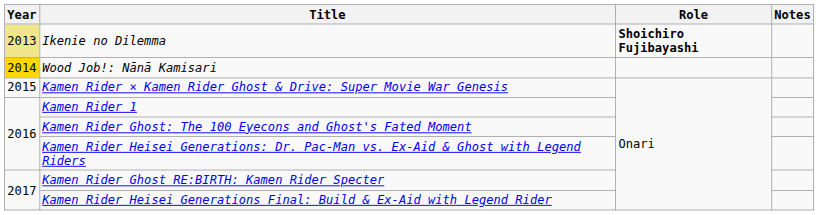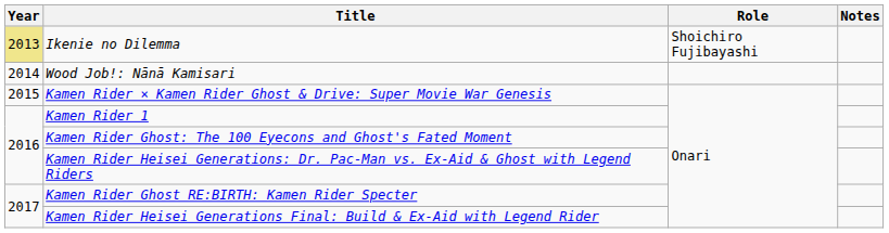 <table class="wikitable">
 <tr>
 <th>Year</th>
 <th>Title</th>
 <th>Role</th>
 <th>Notes</th>
 </tr>
 <tr>
 <td style="background: khaki;">2013</td>
 <td><em>Ikenie no Dilemma</em></td>
-<td><strong>Shoichiro Fujibayashi</strong></td>
+<td>Shoichiro Fujibayashi</td>
 <td></td>
 </tr>
 <tr>
-<td style="background: gold;">2014</td>
+<td>2014</td>
 <td><em>Wood Job!: Nānā Kamisari</em></td>
 <td></td>
 <td></td>
 </tr>
 <tr>
 <td>2015</td>
 <td><em><a href='#'>Kamen Rider × Kamen Rider Ghost & Drive: Super Movie War Genesis</a></em></td>
 <td rowspan="6">Onari</td>
 <td></td>
 </tr>
 <tr>
 <td rowspan="3">2016</td>
 <td><em><a href='#'>Kamen Rider 1</a></em></td>
 <td></td>
 </tr>
 <tr>
 <td><em><a href='#'>Kamen Rider Ghost: The 100 Eyecons and Ghost's Fated Moment</a></em></td>
 <td></td>
 </tr>
 <tr>
 <td><em><a href='#'>Kamen Rider Heisei Generations: Dr. Pac-Man vs. Ex-Aid & Ghost with Legend Riders</a></em></td>
 <td></td>
 </tr>
 <tr>
 <td rowspan="2">2017</td>
 <td><em><a href='#'>Kamen Rider Ghost RE:BIRTH: Kamen Rider Specter</a></em></td>
 <td></td>
 </tr>
 <tr>
 <td><em><a href='#'>Kamen Rider Heisei Generations Final: Build & Ex-Aid with Legend Rider</a></em></td>
 <td></td>
 </tr>
 </table>
